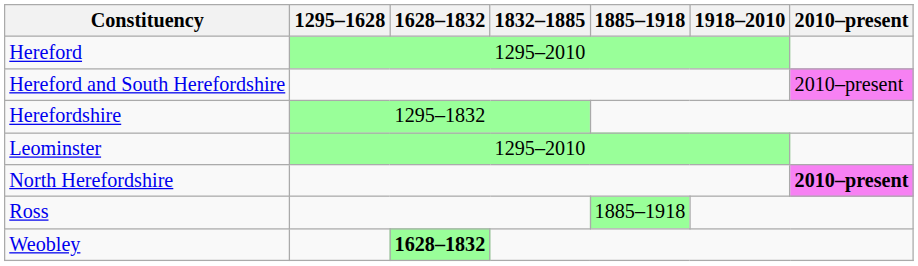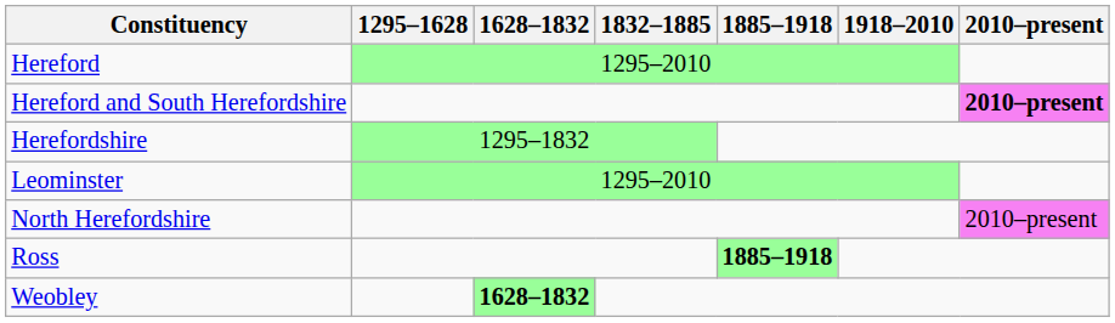 <table class="wikitable">
 <tr>
 <th>Constituency</th>
 <th>1295–1628</th>
 <th>1628–1832</th>
 <th>1832–1885</th>
 <th>1885–1918</th>
 <th>1918–2010</th>
 <th>2010–present</th>
 </tr>
 <tr>
 <td><a href='#'>Hereford</a></td>
 <td align="center" bgcolor="#99ff99" colspan=5>1295–2010</td>
 <td></td>
 </tr>
 <tr>
 <td><a href='#'>Hereford and South Herefordshire</a></td>
 <td colspan=5></td>
-<td bgcolor="#f781f3">2010–present</td>
+<td bgcolor="#f781f3"><strong>2010–present</strong></td>
 </tr>
 <tr>
 <td><a href='#'>Herefordshire</a></td>
 <td align="center" bgcolor="#99ff99" colspan=3>1295–1832</td>
 <td colspan=3></td>
 </tr>
 <tr>
 <td><a href='#'>Leominster</a></td>
 <td align="center" bgcolor="#99ff99" colspan=5>1295–2010</td>
 <td></td>
 </tr>
 <tr>
 <td><a href='#'>North Herefordshire</a></td>
 <td colspan=5></td>
-<td bgcolor="#f781f3"><strong>2010–present</strong></td>
+<td bgcolor="#f781f3">2010–present</td>
 </tr>
 <tr>
 <td><a href='#'>Ross</a></td>
 <td colspan=3></td>
-<td bgcolor="#99ff99">1885–1918</td>
+<td bgcolor="#99ff99"><strong>1885–1918</strong></td>
 <td colspan=2></td>
 </tr>
 <tr>
 <td><a href='#'>Weobley</a></td>
 <td></td>
 <td bgcolor="#99ff99"><strong>1628–1832</strong></td>
 <td colspan=4></td>
 </tr>
 </table>
